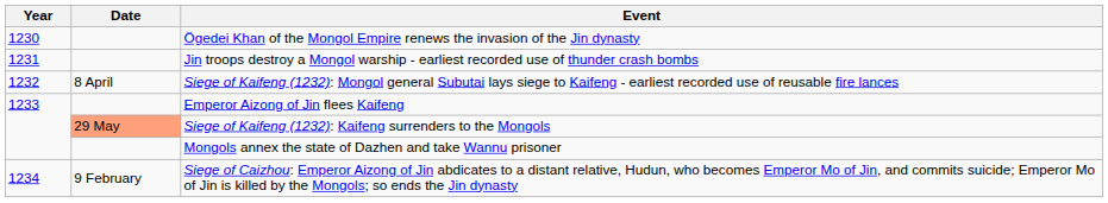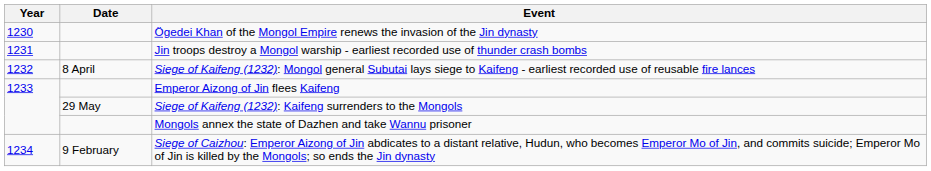 <table class="wikitable" width="100%">
 <tr>
 <th style="width:6%">Year</th>
 <th style="width:10%">Date</th>
 <th>Event</th>
 </tr>
 <tr>
 <td><a href='#'>1230</a></td>
 <td></td>
 <td><a href='#'>Ögedei Khan</a> of the <a href='#'>Mongol Empire</a> renews the invasion of the <a href='#'>Jin dynasty</a></td>
 </tr>
 <tr>
 <td><a href='#'>1231</a></td>
 <td></td>
 <td><a href='#'>Jin</a> troops destroy a <a href='#'>Mongol</a> warship - earliest recorded use of <a href='#'>thunder crash bombs</a></td>
 </tr>
 <tr>
 <td><a href='#'>1232</a></td>
 <td>8 April</td>
 <td><em><a href='#'>Siege of Kaifeng (1232)</a></em>: <a href='#'>Mongol</a> general <a href='#'>Subutai</a> lays siege to <a href='#'>Kaifeng</a> - earliest recorded use of reusable <a href='#'>fire lances</a></td>
 </tr>
 <tr>
 <td rowspan="3" valign="top"><a href='#'>1233</a></td>
 <td></td>
 <td><a href='#'>Emperor Aizong of Jin</a> flees <a href='#'>Kaifeng</a></td>
 </tr>
 <tr>
-<td style="background: lightsalmon;">29 May</td>
+<td>29 May</td>
 <td><em><a href='#'>Siege of Kaifeng (1232)</a></em>: <a href='#'>Kaifeng</a> surrenders to the <a href='#'>Mongols</a></td>
 </tr>
 <tr>
 <td></td>
 <td><a href='#'>Mongols</a> annex the state of Dazhen and take <a href='#'>Wannu</a> prisoner</td>
 </tr>
 <tr>
 <td><a href='#'>1234</a></td>
 <td>9 February</td>
 <td><em><a href='#'>Siege of Caizhou</a></em>: <a href='#'>Emperor Aizong of Jin</a> abdicates to a distant relative, Hudun, who becomes <a href='#'>Emperor Mo of Jin</a>, and commits suicide; Emperor Mo of Jin is killed by the <a href='#'>Mongols</a>; so ends the <a href='#'>Jin dynasty</a></td>
 </tr>
 </table>
